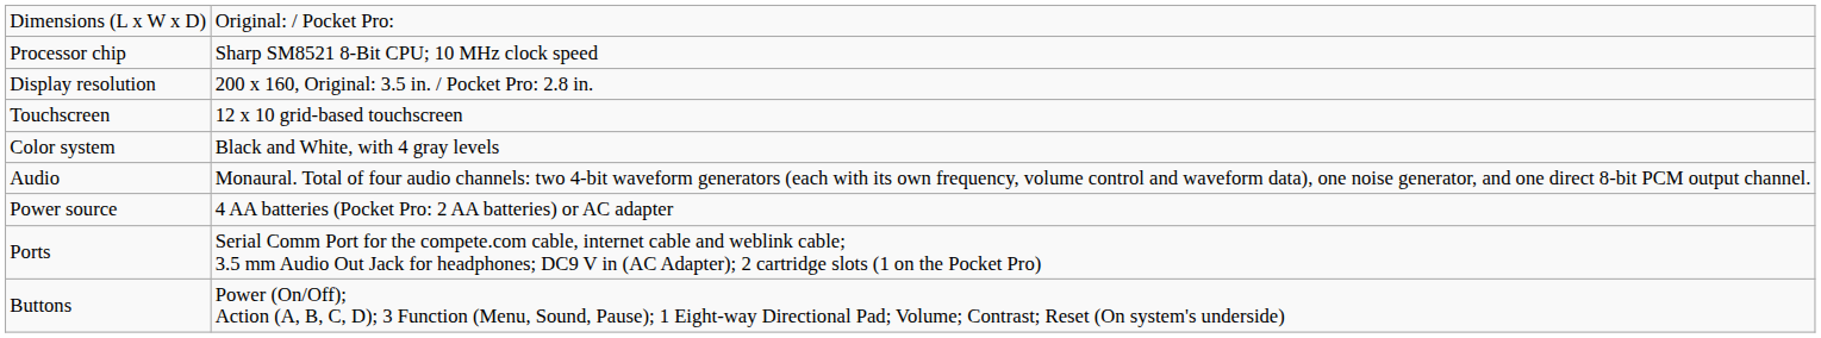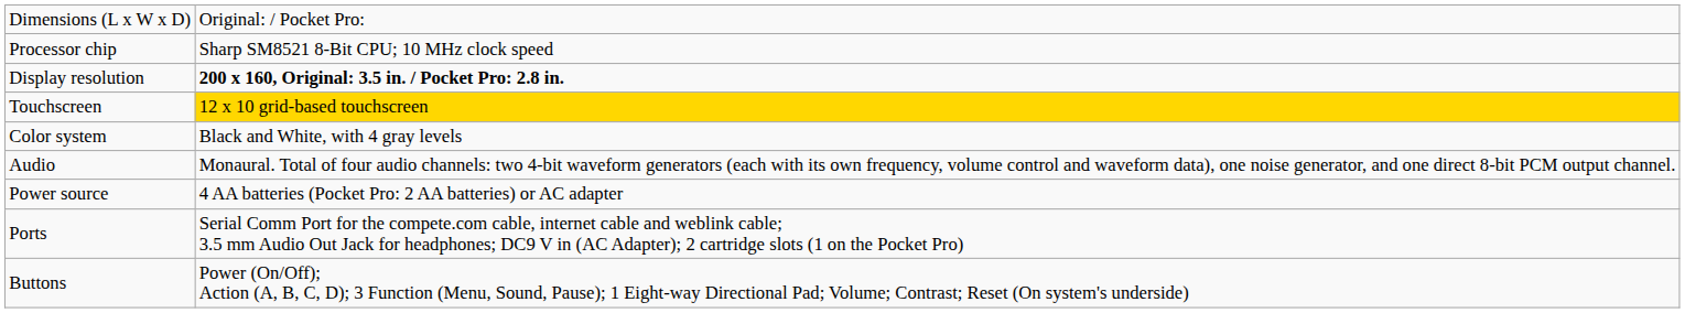 <table class="wikitable">
 <tr>
 <td>Dimensions (L x W x D)</td>
 <td>Original:  / Pocket Pro: </td>
 </tr>
 <tr>
 <td>Processor chip</td>
 <td>Sharp SM8521 8-Bit CPU; 10 MHz clock speed</td>
 </tr>
 <tr>
 <td>Display resolution</td>
-<td>200 x 160, Original: 3.5 in. / Pocket Pro: 2.8 in.</td>
+<td><strong>200 x 160, Original: 3.5 in. / Pocket Pro: 2.8 in.</strong></td>
 </tr>
 <tr>
 <td>Touchscreen</td>
-<td>12 x 10 grid-based touchscreen</td>
+<td style="background: gold;">12 x 10 grid-based touchscreen</td>
 </tr>
 <tr>
 <td>Color system</td>
 <td>Black and White, with 4 gray levels</td>
 </tr>
 <tr>
 <td>Audio</td>
 <td>Monaural. Total of four audio channels: two 4-bit waveform generators (each with its own frequency, volume control and waveform data), one noise generator, and one direct 8-bit PCM output channel.</td>
 </tr>
 <tr>
 <td>Power source</td>
 <td>4 AA batteries (Pocket Pro: 2 AA batteries) or AC adapter</td>
 </tr>
 <tr>
 <td>Ports</td>
 <td>Serial Comm Port for the compete.com cable, internet cable and weblink cable;<br>3.5 mm Audio Out Jack for headphones; DC9 V in (AC Adapter); 2 cartridge slots (1 on the Pocket Pro)</td>
 </tr>
 <tr>
 <td>Buttons</td>
 <td>Power (On/Off);<br> Action (A, B, C, D); 3 Function (Menu, Sound, Pause); 1 Eight-way Directional Pad; Volume; Contrast; Reset (On system's underside)</td>
 </tr>
 </table>
